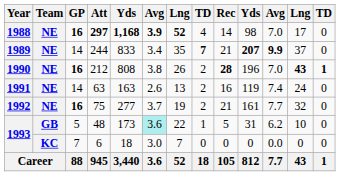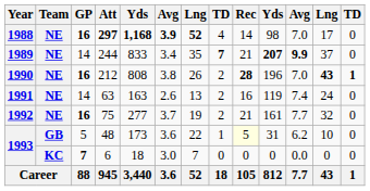 <table class="wikitable" style="text-align:center;">
 <tr>
 <th>Year</th>
 <th>Team</th>
 <th>GP</th>
 <th>Att</th>
 <th>Yds</th>
 <th>Avg</th>
 <th>Lng</th>
 <th>TD</th>
 <th>Rec</th>
 <th>Yds</th>
 <th>Avg</th>
 <th>Lng</th>
 <th>TD</th>
 </tr>
 <tr>
 <th><a href='#'>1988</a></th>
 <th><a href='#'>NE</a></th>
 <td><strong>16</strong></td>
 <td><strong>297</strong></td>
 <td><strong>1,168</strong></td>
 <td><strong>3.9</strong></td>
 <td><strong>52</strong></td>
 <td>4</td>
 <td>14</td>
 <td>98</td>
 <td>7.0</td>
 <td>17</td>
 <td>0</td>
 </tr>
 <tr>
 <th><a href='#'>1989</a></th>
 <th><a href='#'>NE</a></th>
 <td>14</td>
 <td>244</td>
 <td>833</td>
 <td>3.4</td>
 <td>35</td>
 <td><strong>7</strong></td>
 <td>21</td>
 <td><strong>207</strong></td>
 <td><strong>9.9</strong></td>
 <td>37</td>
 <td>0</td>
 </tr>
 <tr>
 <th><a href='#'>1990</a></th>
 <th><a href='#'>NE</a></th>
 <td><strong>16</strong></td>
 <td>212</td>
 <td>808</td>
 <td>3.8</td>
 <td>26</td>
 <td>2</td>
 <td><strong>28</strong></td>
 <td>196</td>
 <td>7.0</td>
 <td><strong>43</strong></td>
 <td><strong>1</strong></td>
 </tr>
 <tr>
 <th><a href='#'>1991</a></th>
 <th><a href='#'>NE</a></th>
 <td>14</td>
 <td>63</td>
 <td>163</td>
 <td>2.6</td>
 <td>13</td>
 <td>2</td>
 <td>16</td>
 <td>119</td>
 <td>7.4</td>
 <td>24</td>
 <td>0</td>
 </tr>
 <tr>
 <th><a href='#'>1992</a></th>
 <th><a href='#'>NE</a></th>
 <td><strong>16</strong></td>
 <td>75</td>
 <td>277</td>
 <td>3.7</td>
 <td>19</td>
 <td>2</td>
 <td>21</td>
 <td>161</td>
 <td>7.7</td>
 <td>32</td>
 <td>0</td>
 </tr>
 <tr>
 <th rowspan="2"><a href='#'>1993</a></th>
 <th><a href='#'>GB</a></th>
 <td>5</td>
 <td>48</td>
 <td>173</td>
-<td style="background: paleturquoise;">3.6</td>
+<td>3.6</td>
 <td>22</td>
 <td>1</td>
-<td>5</td>
+<td style="background: lightyellow;">5</td>
 <td>31</td>
 <td>6.2</td>
 <td>10</td>
 <td>0</td>
 </tr>
 <tr>
 <th><a href='#'>KC</a></th>
-<td>7</td>
+<td><strong>7</strong></td>
 <td>6</td>
 <td>18</td>
 <td>3.0</td>
 <td>7</td>
 <td>0</td>
 <td>0</td>
 <td>0</td>
 <td>0.0</td>
 <td>0</td>
 <td>0</td>
 </tr>
 <tr>
 <th colspan="2">Career</th>
 <th>88</th>
 <th>945</th>
 <th>3,440</th>
 <th>3.6</th>
 <th>52</th>
 <th>18</th>
 <th>105</th>
 <th>812</th>
 <th>7.7</th>
 <th>43</th>
 <th>1</th>
 </tr>
 </table>
